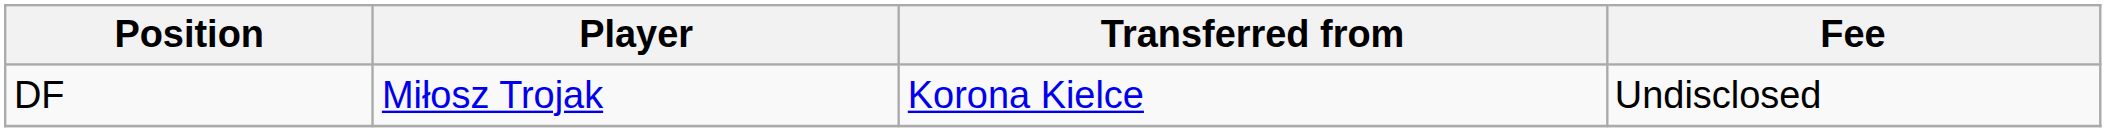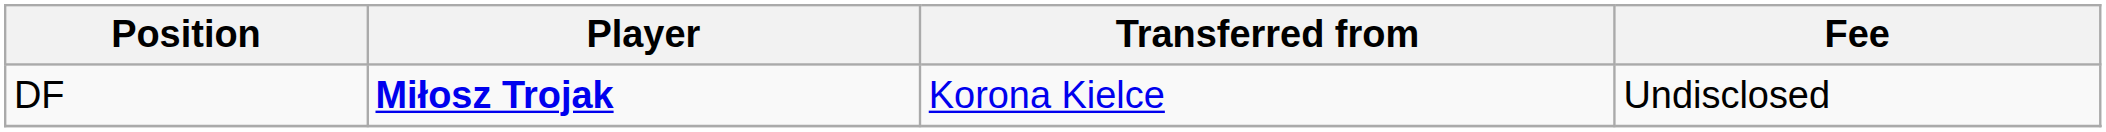 <table class="wikitable sortable" style="width:70%; text-align:center; font-size:100%; text-align:left;">
 <tr>
 <th>Position</th>
 <th>Player</th>
 <th>Transferred from</th>
 <th>Fee</th>
 </tr>
 <tr>
 <td>DF</td>
-<td> <a href='#'>Miłosz Trojak</a></td>
+<td><strong> <a href='#'>Miłosz Trojak</a></strong></td>
 <td> <a href='#'>Korona Kielce</a></td>
 <td>Undisclosed</td>
 </tr>
 <tr>
 </tr>
 </table>
